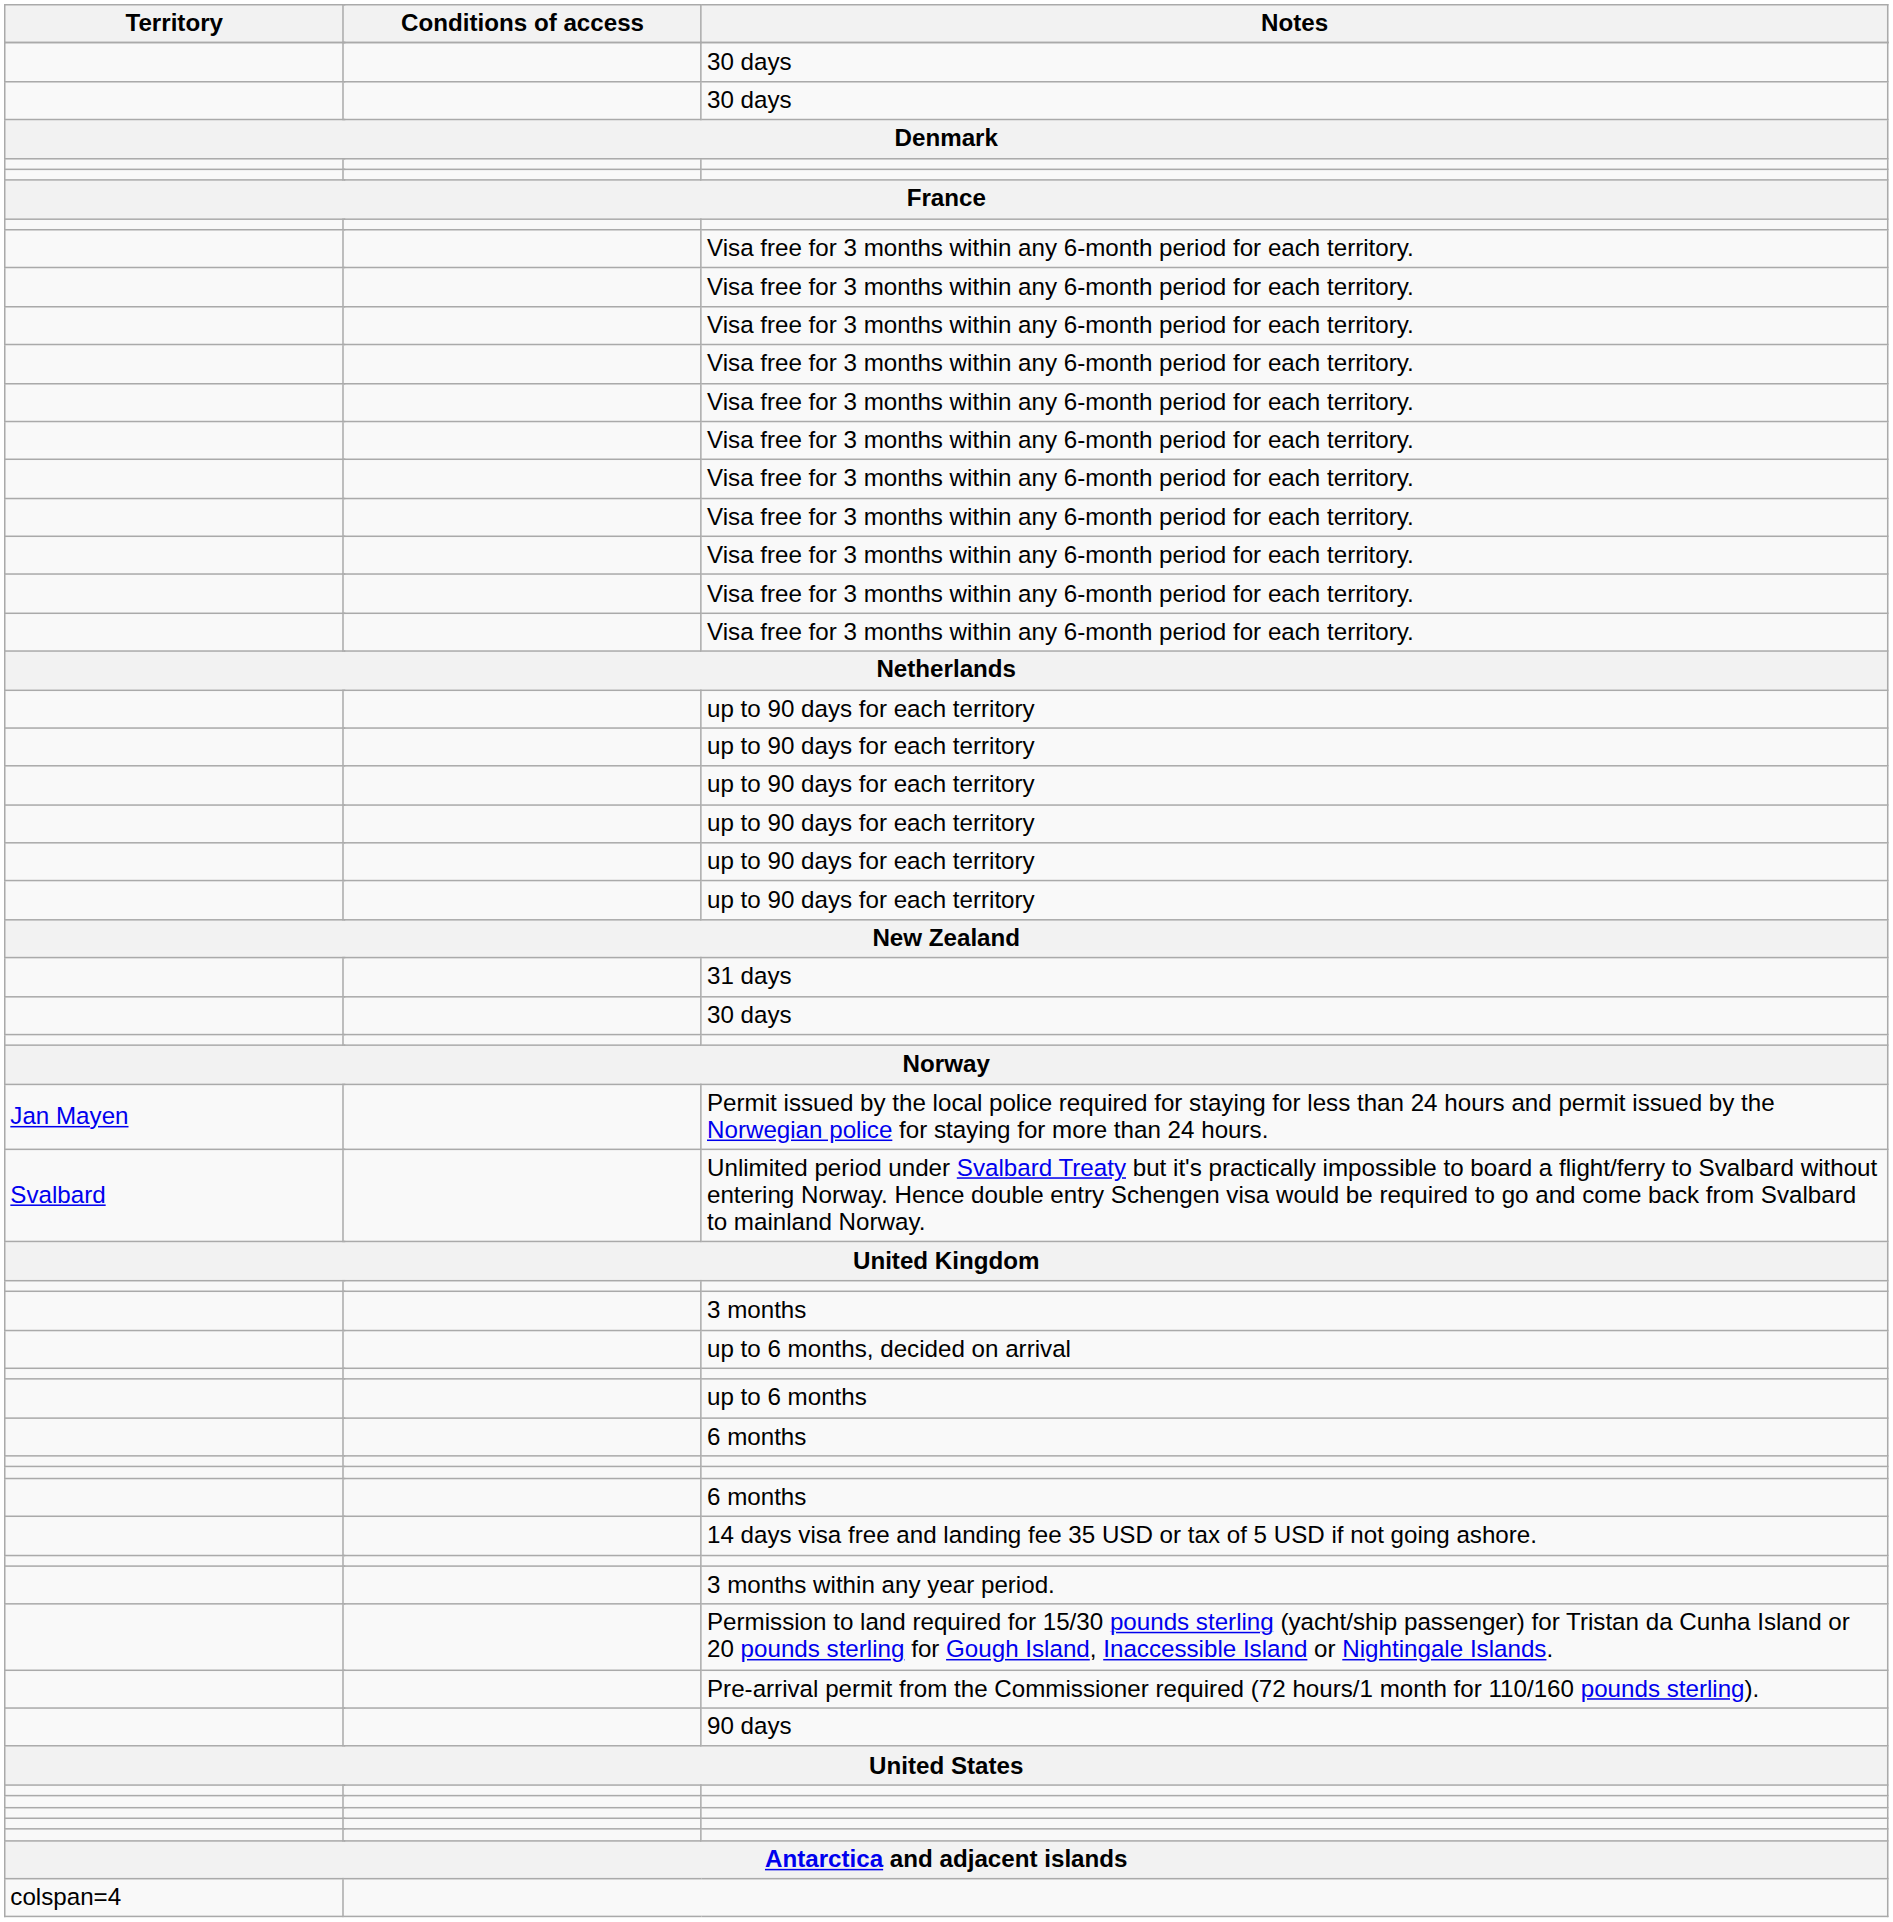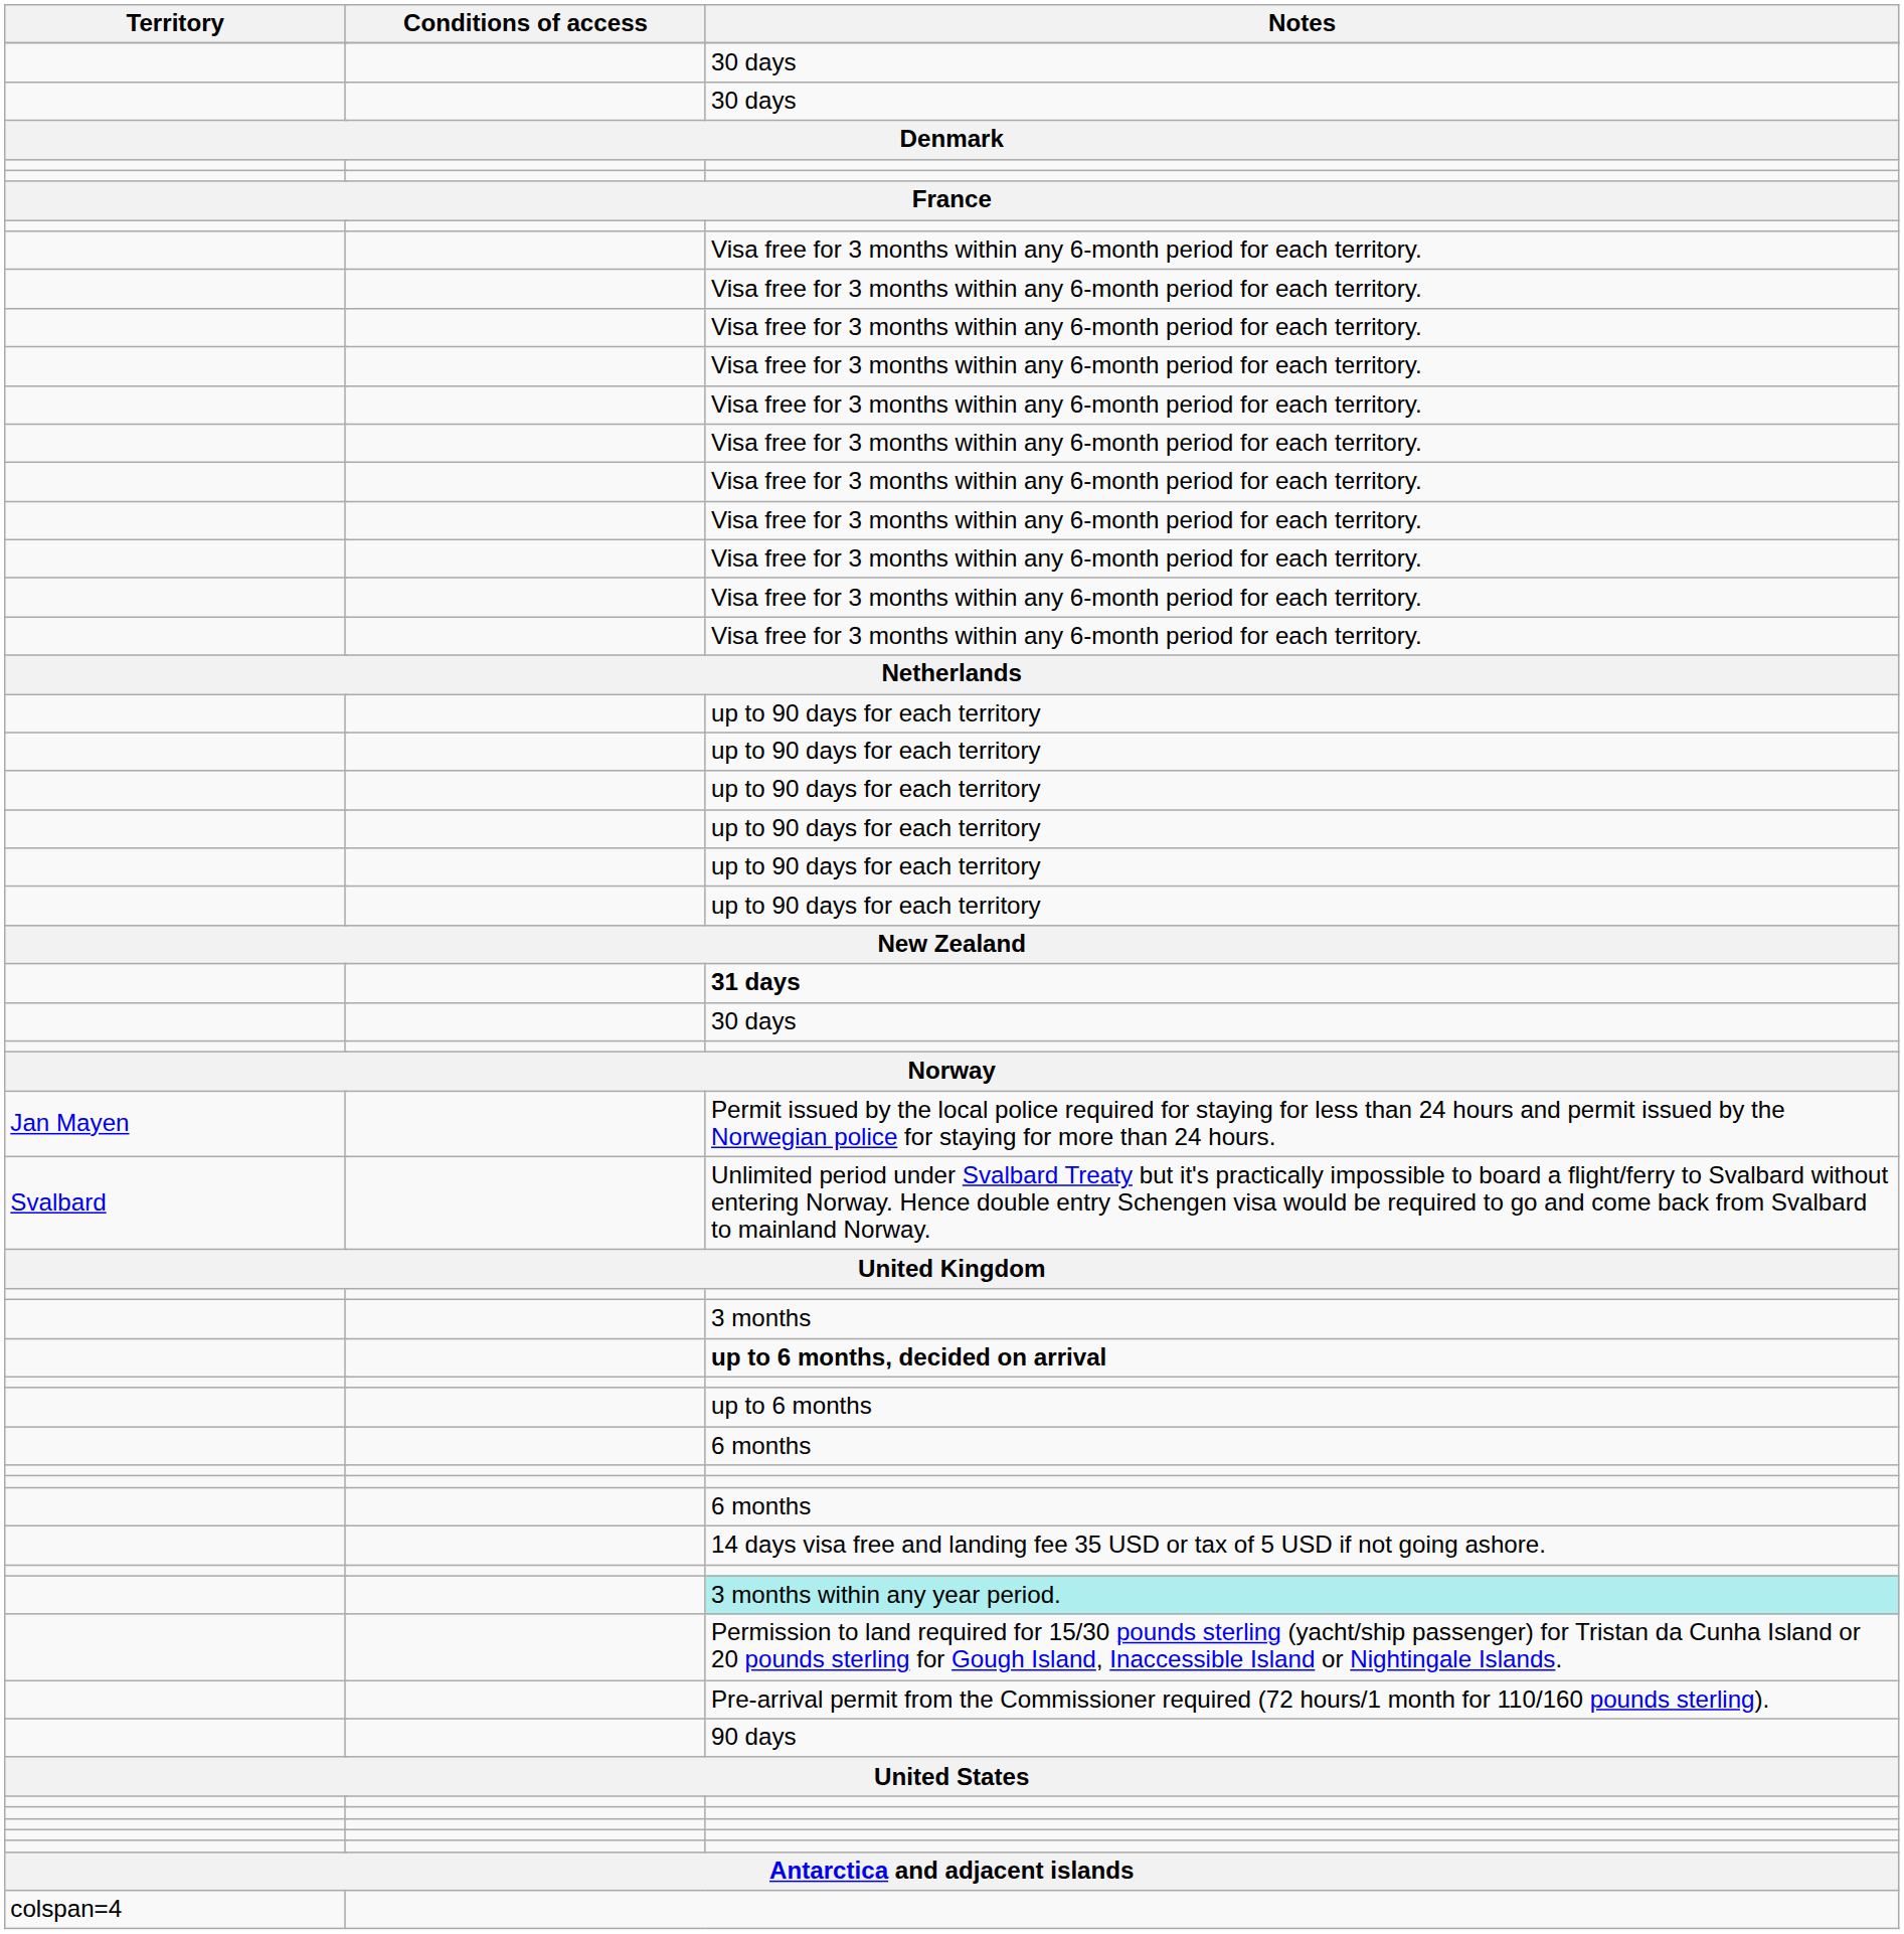 <table class="wikitable" style="text-align: left; table-layout: fixed;">
 <tr>
 <th colspan="2" style="width:18%;">Territory</th>
 <th style="width:19%;">Conditions of access</th>
 <th>Notes</th>
 </tr>
 <tr>
 </tr>
 <tr>
 <td colspan=2></td>
 <td></td>
 <td>30 days</td>
 </tr>
 <tr>
 <td colspan=2></td>
 <td></td>
 <td>30 days</td>
 </tr>
 <tr>
 <th colspan="4">Denmark</th>
 </tr>
 <tr>
 <td colspan=2></td>
 <td></td>
 <td></td>
 </tr>
 <tr>
 <td colspan=2></td>
 <td></td>
 <td></td>
 </tr>
 <tr>
 <th colspan="4">France</th>
 </tr>
 <tr>
 <td colspan=2></td>
 <td></td>
 <td></td>
 </tr>
 <tr>
 <td colspan=2></td>
 <td></td>
 <td>Visa free for 3 months within any 6-month period for each territory.</td>
 </tr>
 <tr>
 <td colspan=2></td>
 <td></td>
 <td>Visa free for 3 months within any 6-month period for each territory.</td>
 </tr>
 <tr>
 <td colspan=2></td>
 <td></td>
 <td>Visa free for 3 months within any 6-month period for each territory.</td>
 </tr>
 <tr>
 <td colspan=2></td>
 <td></td>
 <td>Visa free for 3 months within any 6-month period for each territory.</td>
 </tr>
 <tr>
 <td colspan=2></td>
 <td></td>
 <td>Visa free for 3 months within any 6-month period for each territory.</td>
 </tr>
 <tr>
 <td colspan=2></td>
 <td></td>
 <td>Visa free for 3 months within any 6-month period for each territory.</td>
 </tr>
 <tr>
 <td colspan=2></td>
 <td></td>
 <td>Visa free for 3 months within any 6-month period for each territory.</td>
 </tr>
 <tr>
 <td colspan=2></td>
 <td></td>
 <td>Visa free for 3 months within any 6-month period for each territory.</td>
 </tr>
 <tr>
 <td colspan=2></td>
 <td></td>
 <td>Visa free for 3 months within any 6-month period for each territory.</td>
 </tr>
 <tr>
 <td colspan=2></td>
 <td></td>
 <td>Visa free for 3 months within any 6-month period for each territory.</td>
 </tr>
 <tr>
 <td colspan=2></td>
 <td></td>
 <td>Visa free for 3 months within any 6-month period for each territory.</td>
 </tr>
 <tr>
 <th colspan="4">Netherlands</th>
 </tr>
 <tr>
 <td colspan=2></td>
 <td></td>
 <td>up to 90 days for each territory</td>
 </tr>
 <tr>
 <td colspan=2></td>
 <td></td>
 <td>up to 90 days for each territory</td>
 </tr>
 <tr>
 <td colspan=2></td>
 <td></td>
 <td>up to 90 days for each territory</td>
 </tr>
 <tr>
 <td colspan=2></td>
 <td></td>
 <td>up to 90 days for each territory</td>
 </tr>
 <tr>
 <td colspan=2></td>
 <td></td>
 <td>up to 90 days for each territory</td>
 </tr>
 <tr>
 <td colspan=2></td>
 <td></td>
 <td>up to 90 days for each territory</td>
 </tr>
 <tr>
 <th colspan="4">New Zealand</th>
 </tr>
 <tr>
 <td colspan=2></td>
 <td></td>
-<td>31 days</td>
+<td><strong>31 days</strong></td>
 </tr>
 <tr>
 <td colspan=2></td>
 <td></td>
 <td>30 days</td>
 </tr>
 <tr>
 <td colspan=2></td>
 <td></td>
 <td></td>
 </tr>
 <tr>
 <th colspan="4">Norway</th>
 </tr>
 <tr>
 <td colspan=2> <a href='#'>Jan Mayen</a></td>
 <td></td>
 <td>Permit issued by the local police required for staying for less than 24 hours and permit issued by the <a href='#'>Norwegian police</a> for staying for more than 24 hours.</td>
 </tr>
 <tr>
 <td colspan=2> <a href='#'>Svalbard</a></td>
 <td></td>
 <td>Unlimited period under <a href='#'>Svalbard Treaty</a> but it's practically impossible to board a flight/ferry to Svalbard without entering Norway. Hence double entry Schengen visa would be required to go and come back from Svalbard to mainland Norway.</td>
 </tr>
 <tr>
 <th colspan="4">United Kingdom</th>
 </tr>
 <tr>
 <td colspan=2></td>
 <td></td>
 <td></td>
 </tr>
 <tr>
 <td colspan=2></td>
 <td></td>
 <td>3 months</td>
 </tr>
 <tr>
 <td colspan=2></td>
 <td></td>
-<td>up to 6 months, decided on arrival</td>
+<td><strong>up to 6 months, decided on arrival</strong></td>
 </tr>
 <tr>
 <td colspan=2></td>
 <td></td>
 <td></td>
 </tr>
 <tr>
 <td colspan=2></td>
 <td></td>
 <td>up to 6 months</td>
 </tr>
 <tr>
 <td colspan=2></td>
 <td></td>
 <td>6 months</td>
 </tr>
 <tr>
 <td colspan=2></td>
 <td></td>
 <td></td>
 </tr>
 <tr>
 <td colspan=2></td>
 <td></td>
 <td></td>
 </tr>
 <tr>
 <td colspan=2></td>
 <td></td>
 <td>6 months</td>
 </tr>
 <tr>
 <td colspan=2></td>
 <td></td>
 <td>14 days visa free and landing fee 35 USD or tax of 5 USD if not going ashore.</td>
 </tr>
 <tr>
 <td colspan=2></td>
 <td></td>
 <td></td>
 </tr>
 <tr>
 <td colspan=2></td>
 <td></td>
-<td>3 months within any year period.</td>
+<td style="background: paleturquoise;">3 months within any year period.</td>
 </tr>
 <tr>
 <td colspan=2></td>
 <td></td>
 <td>Permission to land required for 15/30 <a href='#'>pounds sterling</a> (yacht/ship passenger) for Tristan da Cunha Island or 20 <a href='#'>pounds sterling</a> for <a href='#'>Gough Island</a>, <a href='#'>Inaccessible Island</a> or <a href='#'>Nightingale Islands</a>.</td>
 </tr>
 <tr>
 <td colspan=2></td>
 <td></td>
 <td>Pre-arrival permit from the Commissioner required (72 hours/1 month for 110/160 <a href='#'>pounds sterling</a>).</td>
 </tr>
 <tr>
 <td colspan=2></td>
 <td></td>
 <td>90 days</td>
 </tr>
 <tr>
 <th colspan="4">United States</th>
 </tr>
 <tr>
 <td colspan=2></td>
 <td></td>
 <td></td>
 </tr>
 <tr>
 <td colspan=2></td>
 <td></td>
 <td></td>
 </tr>
 <tr>
 <td colspan=2></td>
 <td></td>
 <td></td>
 </tr>
 <tr>
 <td colspan=2></td>
 <td></td>
 <td></td>
 </tr>
 <tr>
 <td colspan=2></td>
 <td></td>
 <td></td>
 </tr>
 <tr>
 <th colspan=4><a href='#'>Antarctica</a> and adjacent islands</th>
 </tr>
 <tr>
 <td>colspan=4 </td>
 </tr>
 </table>
